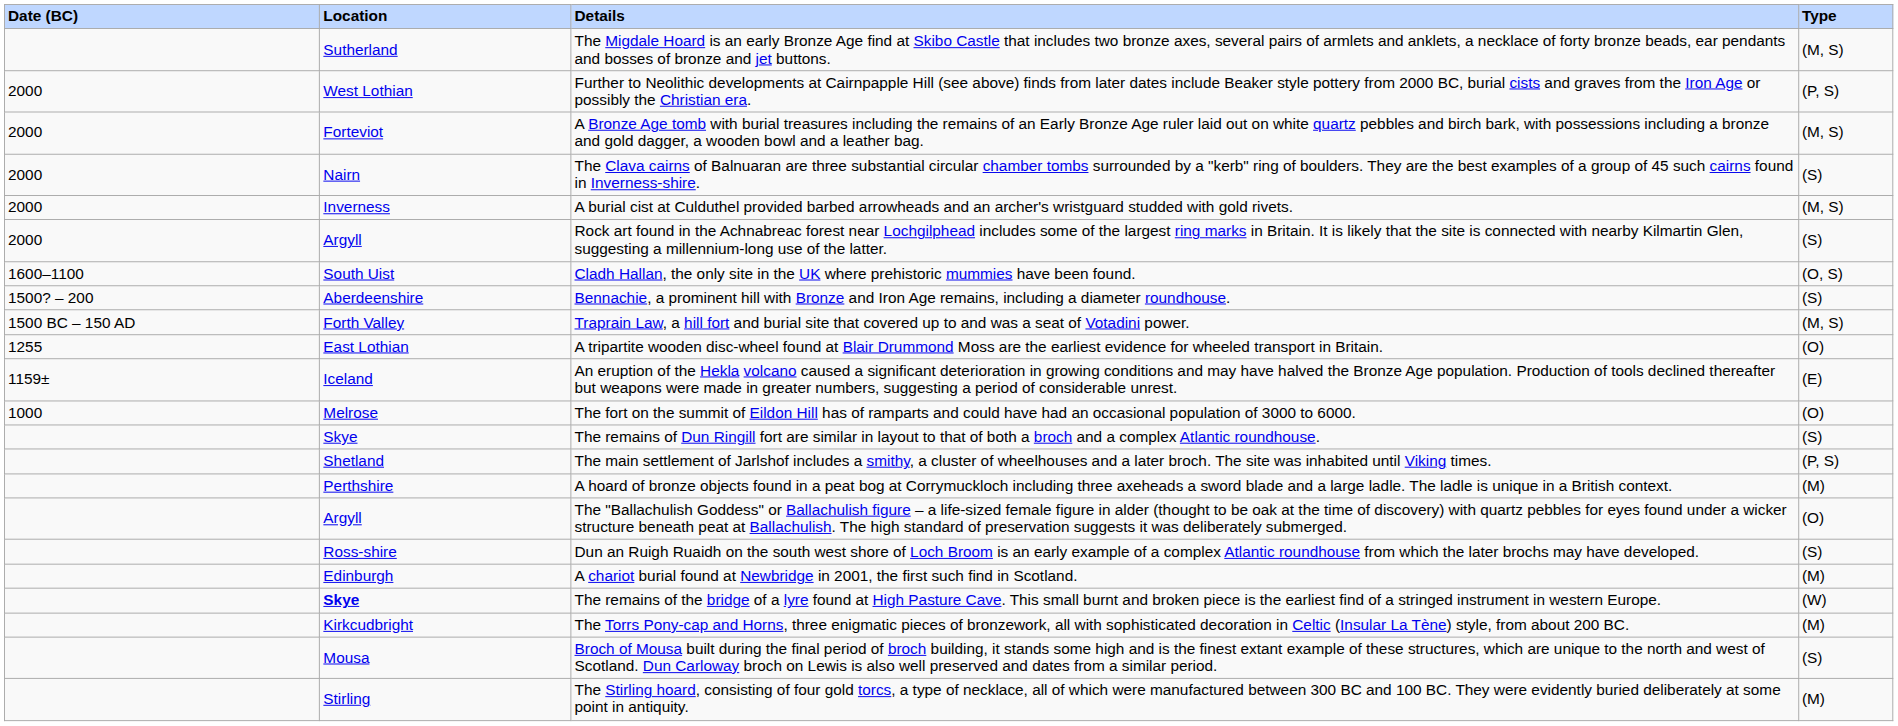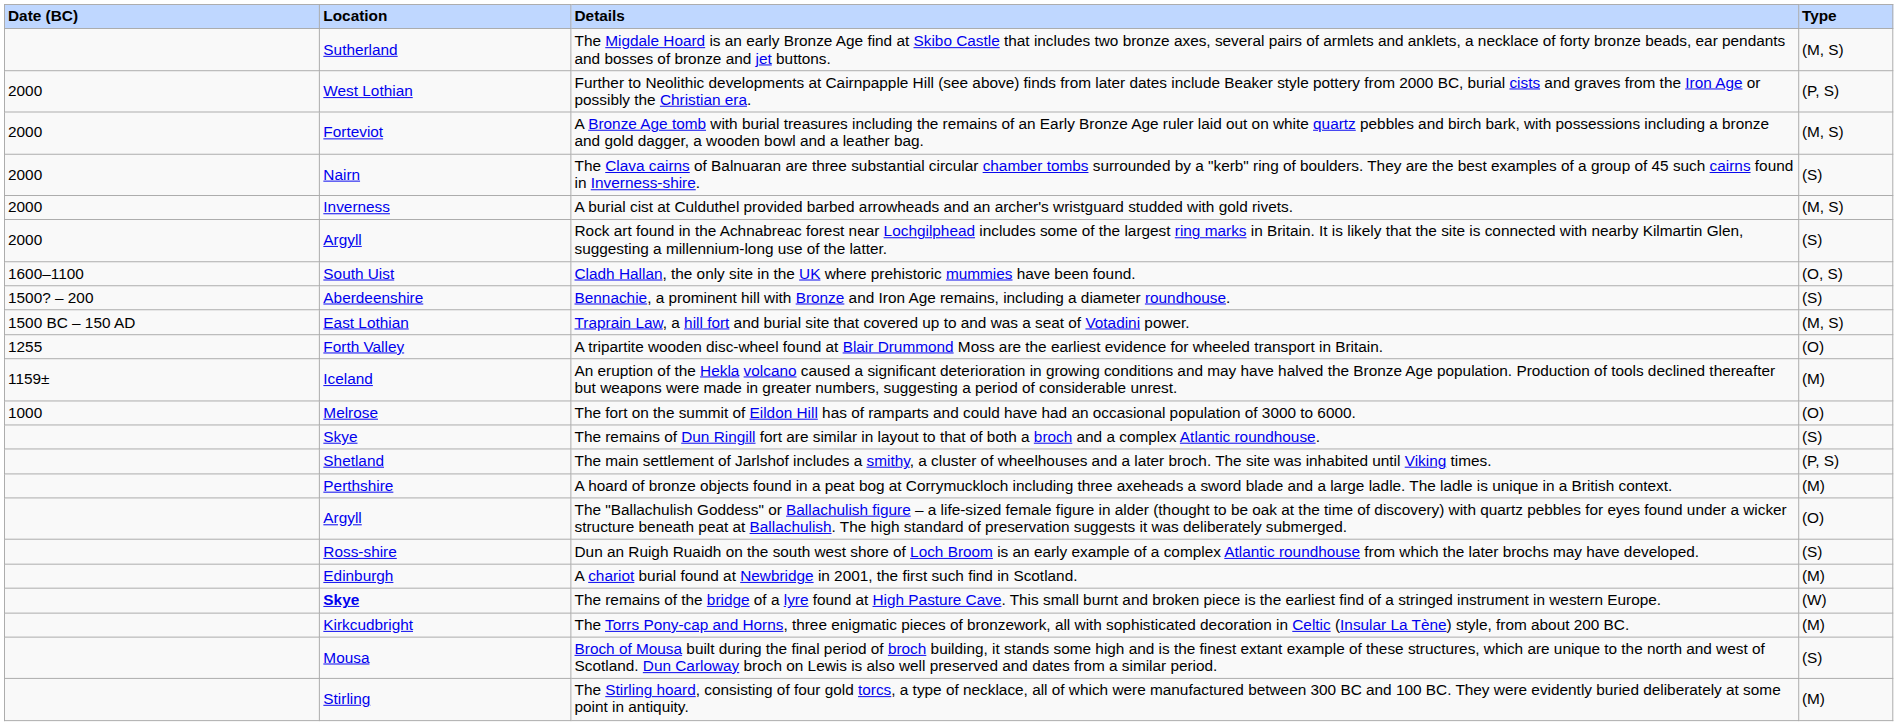 <table class="wikitable sortable">
 <tr>
 <td bgcolor="#BFD7FF"><strong>Date (BC)</strong></td>
 <td bgcolor="#BFD7FF"><strong>Location</strong></td>
 <td class="unsortable" width="65%" bgcolor="#BFD7FF"><strong>Details</strong></td>
 <td width="5%" bgcolor="#BFD7FF"><strong>Type</strong></td>
 </tr>
 <tr>
 <td></td>
 <td><a href='#'>Sutherland</a></td>
 <td>The <a href='#'>Migdale Hoard</a> is an early Bronze Age find at <a href='#'>Skibo Castle</a> that includes two bronze axes, several pairs of armlets and anklets, a necklace of forty bronze beads, ear pendants and bosses of bronze and <a href='#'>jet</a> buttons.</td>
 <td>(M, S)</td>
 </tr>
 <tr>
 <td>2000</td>
 <td><a href='#'>West Lothian</a></td>
 <td>Further to Neolithic developments at Cairnpapple Hill (see above) finds from later dates include Beaker style pottery from 2000 BC, burial <a href='#'>cists</a> and graves from the <a href='#'>Iron Age</a> or possibly the <a href='#'>Christian era</a>.</td>
 <td>(P, S)</td>
 </tr>
 <tr>
 <td>2000</td>
 <td><a href='#'>Forteviot</a></td>
 <td>A <a href='#'>Bronze Age tomb</a> with burial treasures including the remains of an Early Bronze Age ruler laid out on white <a href='#'>quartz</a> pebbles and birch bark, with possessions including a bronze and gold dagger, a wooden bowl and a leather bag.</td>
 <td>(M, S)</td>
 </tr>
 <tr>
 <td>2000</td>
 <td><a href='#'>Nairn</a></td>
 <td>The <a href='#'>Clava cairns</a> of Balnuaran are three substantial circular <a href='#'>chamber tombs</a> surrounded by a "kerb" ring of boulders. They are the best examples of a group of 45 such <a href='#'>cairns</a> found in <a href='#'>Inverness-shire</a>.</td>
 <td>(S)</td>
 </tr>
 <tr>
 <td>2000</td>
 <td><a href='#'>Inverness</a></td>
 <td>A burial cist at Culduthel provided barbed arrowheads and an archer's wristguard studded with gold rivets.</td>
 <td>(M, S)</td>
 </tr>
 <tr>
 <td>2000</td>
 <td><a href='#'>Argyll</a></td>
 <td>Rock art found in the Achnabreac forest near <a href='#'>Lochgilphead</a> includes some of the largest <a href='#'>ring marks</a>  in Britain. It is likely that the site is connected with nearby Kilmartin Glen, suggesting a millennium-long use of the latter.</td>
 <td>(S)</td>
 </tr>
 <tr>
 <td>1600–1100</td>
 <td><a href='#'>South Uist</a></td>
 <td><a href='#'>Cladh Hallan</a>, the only site in the <a href='#'>UK</a> where prehistoric <a href='#'>mummies</a> have been found.</td>
 <td>(O, S)</td>
 </tr>
 <tr>
 <td>1500? – 200</td>
 <td><a href='#'>Aberdeenshire</a></td>
 <td><a href='#'>Bennachie</a>, a prominent hill with <a href='#'>Bronze</a> and Iron Age remains, including a  diameter <a href='#'>roundhouse</a>.</td>
 <td>(S)</td>
 </tr>
 <tr>
 <td>1500 BC – 150 AD</td>
-<td><a href='#'>Forth Valley</a></td>
+<td><a href='#'>East Lothian</a></td>
 <td><a href='#'>Traprain Law</a>, a <a href='#'>hill fort</a> and burial site that covered up to  and was a seat of <a href='#'>Votadini</a> power.</td>
 <td>(M, S)</td>
 </tr>
 <tr>
 <td>1255</td>
-<td><a href='#'>East Lothian</a></td>
+<td><a href='#'>Forth Valley</a></td>
 <td>A tripartite wooden disc-wheel found at <a href='#'>Blair Drummond</a> Moss are the earliest evidence for wheeled transport in Britain.</td>
 <td>(O)</td>
 </tr>
 <tr>
 <td>1159±</td>
 <td><a href='#'>Iceland</a></td>
 <td>An eruption of the <a href='#'>Hekla</a> <a href='#'>volcano</a> caused a significant deterioration in growing conditions and may have halved the Bronze Age population. Production of tools declined thereafter but weapons were made in greater numbers, suggesting a period of considerable unrest.</td>
-<td>(E)</td>
+<td>(M)</td>
 </tr>
 <tr>
 <td>1000</td>
 <td><a href='#'>Melrose</a></td>
 <td>The fort on the summit of <a href='#'>Eildon Hill</a> has  of ramparts and could have had an occasional population of 3000 to 6000.</td>
 <td>(O)</td>
 </tr>
 <tr>
 <td></td>
 <td><a href='#'>Skye</a></td>
 <td>The remains of <a href='#'>Dun Ringill</a> fort are similar in layout to that of both a <a href='#'>broch</a> and a complex <a href='#'>Atlantic roundhouse</a>.</td>
 <td>(S)</td>
 </tr>
 <tr>
 <td></td>
 <td><a href='#'>Shetland</a></td>
 <td>The main settlement of Jarlshof includes a <a href='#'>smithy</a>, a cluster of wheelhouses and a later broch. The site was inhabited until <a href='#'>Viking</a> times.</td>
 <td>(P, S)</td>
 </tr>
 <tr>
 <td></td>
 <td><a href='#'>Perthshire</a></td>
 <td>A hoard of bronze objects found in a peat bog at Corrymuckloch including three axeheads a sword blade and a large ladle. The ladle is unique in a British context.</td>
 <td>(M)</td>
 </tr>
 <tr>
 <td></td>
 <td><a href='#'>Argyll</a></td>
 <td>The "Ballachulish Goddess" or <a href='#'>Ballachulish figure</a> – a life-sized female figure in alder (thought to be oak at the time of discovery) with quartz pebbles for eyes found under a wicker structure beneath peat at <a href='#'>Ballachulish</a>. The high standard of preservation suggests it was deliberately submerged.</td>
 <td>(O)</td>
 </tr>
 <tr>
 <td></td>
 <td><a href='#'>Ross-shire</a></td>
 <td>Dun an Ruigh Ruaidh on the south west shore of <a href='#'>Loch Broom</a> is an early example of a complex <a href='#'>Atlantic roundhouse</a> from which the later brochs may have developed.</td>
 <td>(S)</td>
 </tr>
 <tr>
 <td></td>
 <td><a href='#'>Edinburgh</a></td>
 <td>A <a href='#'>chariot</a> burial found at <a href='#'>Newbridge</a> in 2001, the first such find in Scotland.</td>
 <td>(M)</td>
 </tr>
 <tr>
 <td></td>
 <td><strong><a href='#'>Skye</a></strong></td>
 <td>The remains of the <a href='#'>bridge</a> of a <a href='#'>lyre</a> found at <a href='#'>High Pasture Cave</a>. This small burnt and broken piece is the earliest find of a stringed instrument in western Europe.</td>
 <td>(W)</td>
 </tr>
 <tr>
 <td></td>
 <td><a href='#'>Kirkcudbright</a></td>
 <td>The <a href='#'>Torrs Pony-cap and Horns</a>, three enigmatic pieces of bronzework, all with sophisticated decoration in <a href='#'>Celtic</a> (<a href='#'>Insular La Tène</a>) style, from about 200 BC.</td>
 <td>(M)</td>
 </tr>
 <tr>
 <td></td>
 <td><a href='#'>Mousa</a></td>
 <td><a href='#'>Broch of Mousa</a> built during the final period of <a href='#'>broch</a> building, it stands some  high and is the finest extant example of these structures, which are unique to the north and west of Scotland. <a href='#'>Dun Carloway</a> broch on Lewis is also well preserved and dates from a similar period.</td>
 <td>(S)</td>
 </tr>
 <tr>
 <td></td>
 <td><a href='#'>Stirling</a></td>
 <td>The <a href='#'>Stirling hoard</a>, consisting of four gold <a href='#'>torcs</a>, a type of necklace, all of which were manufactured between 300 BC and 100 BC. They were evidently buried deliberately at some point in antiquity.</td>
 <td>(M)</td>
 </tr>
 </table>
